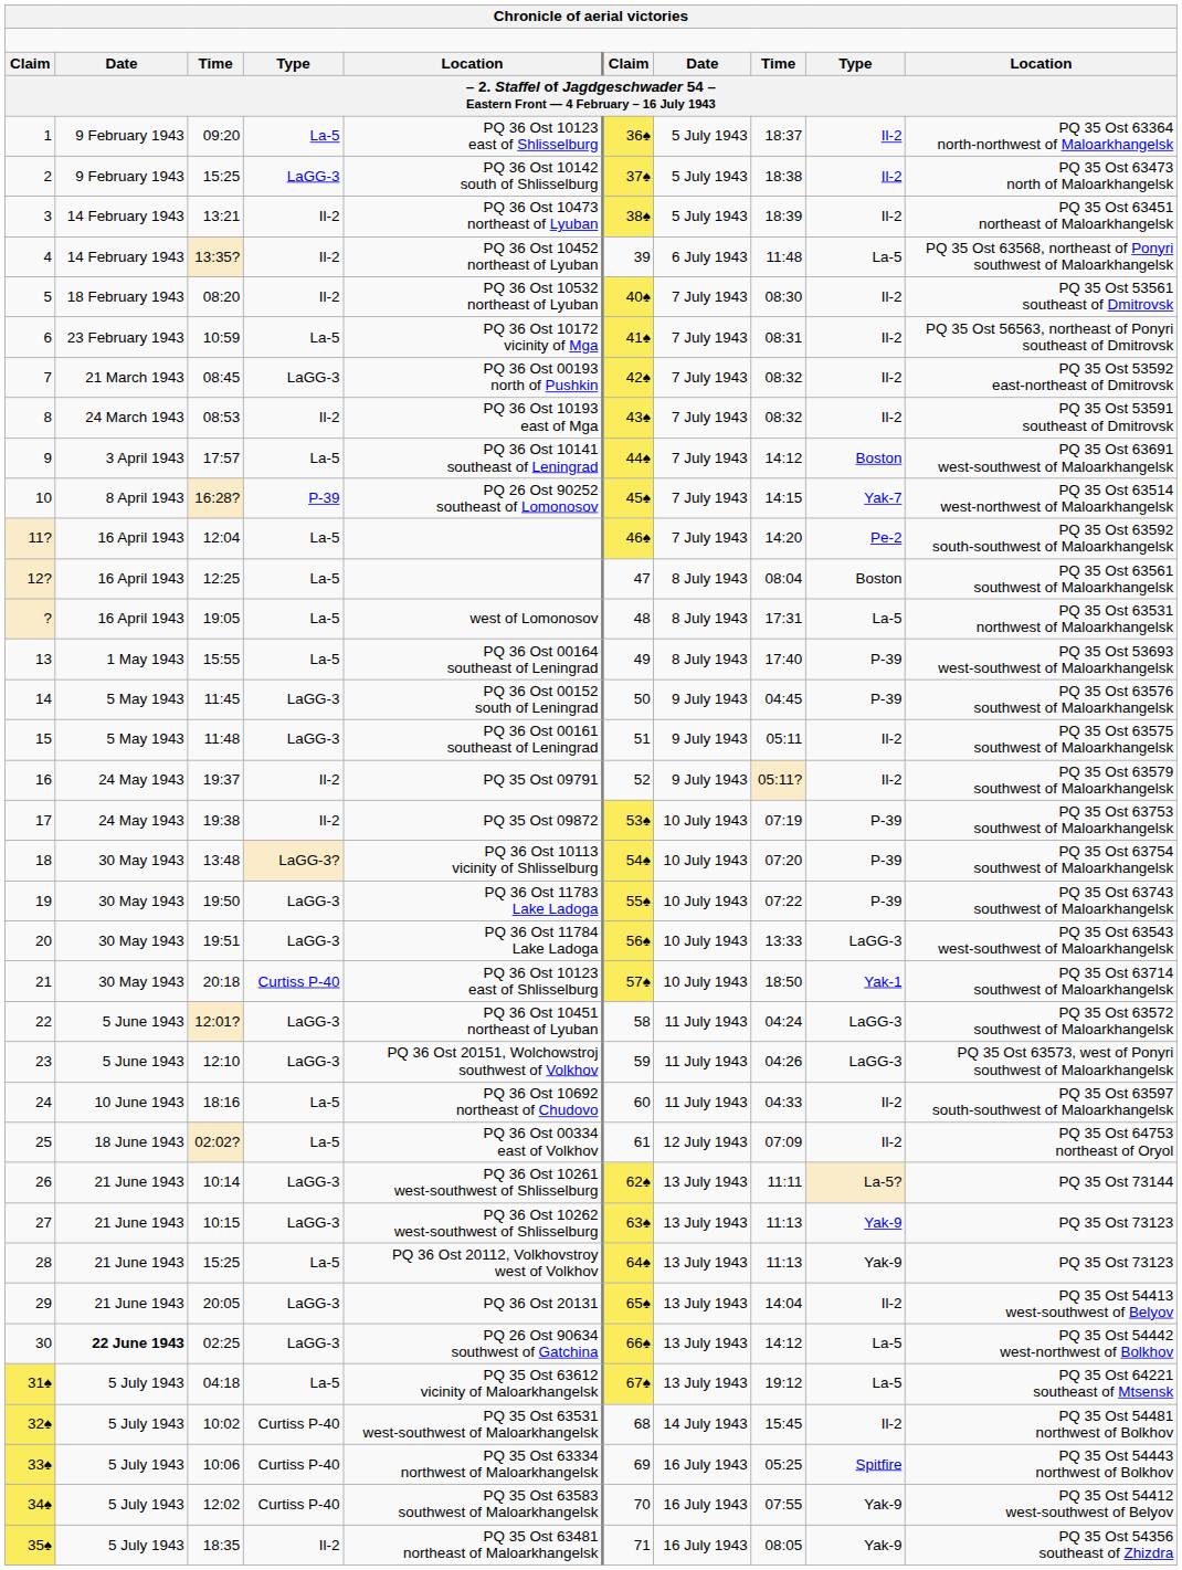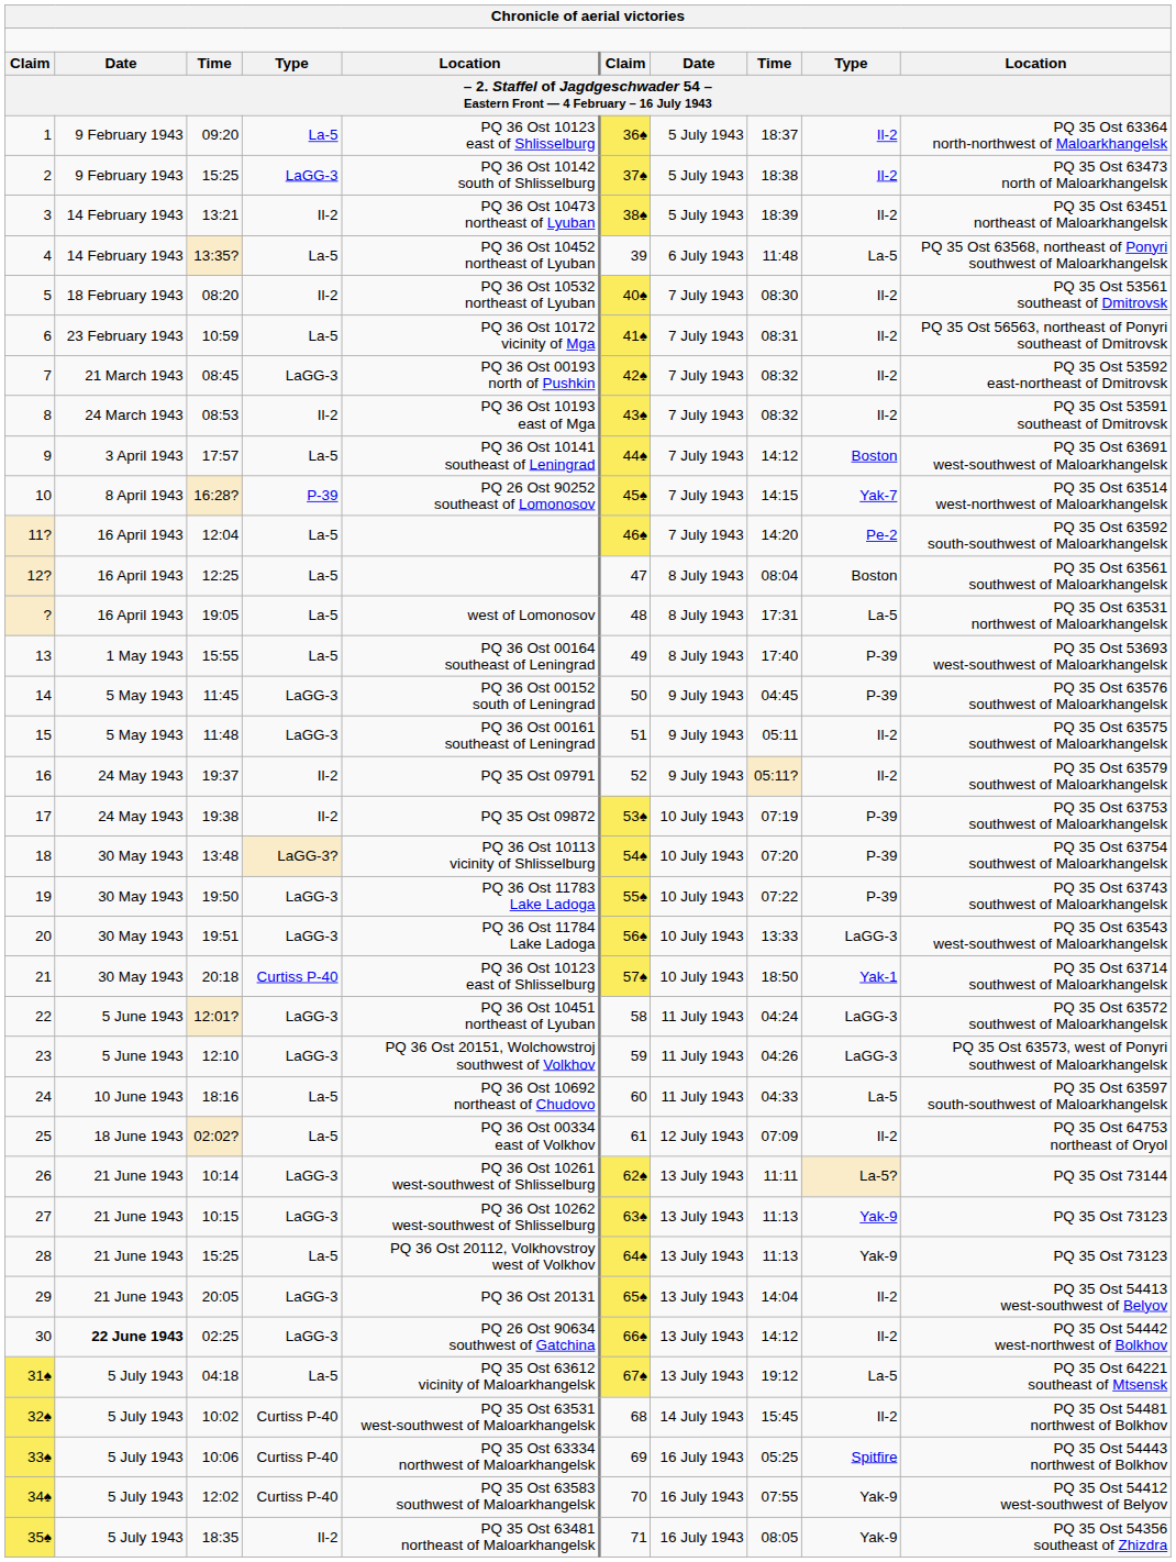 <table class="wikitable plainrowheaders collapsible" style="margin-left: auto; margin-right: auto; border: none; text-align:right; width: 100%;">
 <tr>
 <th colspan="10">Chronicle of aerial victories</th>
 </tr>
 <tr>
 <td colspan="10" style="text-align: left;"><br> </td>
 </tr>
 <tr>
 <th scope="col">Claim</th>
 <th scope="col">Date</th>
 <th scope="col">Time</th>
 <th scope="col" width="100px">Type</th>
 <th scope="col">Location</th>
 <th scope="col" style="border-left: 3px solid grey;">Claim</th>
 <th scope="col">Date</th>
 <th scope="col">Time</th>
 <th scope="col" width="100px">Type</th>
 <th scope="col">Location</th>
 </tr>
 <tr>
 <th colspan="10">– 2. <em>Staffel</em> of <em>Jagdgeschwader</em> 54 –<br><small>Eastern Front — 4 February – 16 July 1943</small></th>
 </tr>
 <tr>
 <td>1</td>
 <td>9 February 1943</td>
 <td>09:20</td>
 <td><a href='#'>La-5</a></td>
 <td>PQ 36 Ost 10123<br>east of <a href='#'>Shlisselburg</a></td>
 <td style="border-left: 3px solid grey; background:#fbec5d;">36♠</td>
 <td>5 July 1943</td>
 <td>18:37</td>
 <td><a href='#'>Il-2</a></td>
 <td>PQ 35 Ost 63364<br> north-northwest of <a href='#'>Maloarkhangelsk</a></td>
 </tr>
 <tr>
 <td>2</td>
 <td>9 February 1943</td>
 <td>15:25</td>
 <td><a href='#'>LaGG-3</a></td>
 <td>PQ 36 Ost 10142<br>south of Shlisselburg</td>
 <td style="border-left: 3px solid grey; background:#fbec5d;">37♠</td>
 <td>5 July 1943</td>
 <td>18:38</td>
 <td><a href='#'>Il-2</a></td>
 <td>PQ 35 Ost 63473<br> north of Maloarkhangelsk</td>
 </tr>
 <tr>
 <td>3</td>
 <td>14 February 1943</td>
 <td>13:21</td>
 <td>Il-2</td>
 <td>PQ 36 Ost 10473<br> northeast of <a href='#'>Lyuban</a></td>
 <td style="border-left: 3px solid grey; background:#fbec5d;">38♠</td>
 <td>5 July 1943</td>
 <td>18:39</td>
 <td>Il-2</td>
 <td>PQ 35 Ost 63451<br> northeast of Maloarkhangelsk</td>
 </tr>
 <tr>
 <td>4</td>
 <td>14 February 1943</td>
 <td style="background:#faecc8">13:35?</td>
-<td>Il-2</td>
+<td>La-5</td>
 <td>PQ 36 Ost 10452<br> northeast of Lyuban</td>
 <td style="border-left: 3px solid grey;">39</td>
 <td>6 July 1943</td>
 <td>11:48</td>
 <td>La-5</td>
 <td>PQ 35 Ost 63568, northeast of <a href='#'>Ponyri</a><br> southwest of Maloarkhangelsk</td>
 </tr>
 <tr>
 <td>5</td>
 <td>18 February 1943</td>
 <td>08:20</td>
 <td>Il-2</td>
 <td>PQ 36 Ost 10532<br> northeast of Lyuban</td>
 <td style="border-left: 3px solid grey; background:#fbec5d;">40♠</td>
 <td>7 July 1943</td>
 <td>08:30</td>
 <td>Il-2</td>
 <td>PQ 35 Ost 53561<br> southeast of <a href='#'>Dmitrovsk</a></td>
 </tr>
 <tr>
 <td>6</td>
 <td>23 February 1943</td>
 <td>10:59</td>
 <td>La-5</td>
 <td>PQ 36 Ost 10172<br>vicinity of <a href='#'>Mga</a></td>
 <td style="border-left: 3px solid grey; background:#fbec5d;">41♠</td>
 <td>7 July 1943</td>
 <td>08:31</td>
 <td>Il-2</td>
 <td>PQ 35 Ost 56563, northeast of Ponyri<br> southeast of Dmitrovsk</td>
 </tr>
 <tr>
 <td>7</td>
 <td>21 March 1943</td>
 <td>08:45</td>
 <td>LaGG-3</td>
 <td>PQ 36 Ost 00193<br> north of <a href='#'>Pushkin</a></td>
 <td style="border-left: 3px solid grey; background:#fbec5d;">42♠</td>
 <td>7 July 1943</td>
 <td>08:32</td>
 <td>Il-2</td>
 <td>PQ 35 Ost 53592<br> east-northeast of Dmitrovsk</td>
 </tr>
 <tr>
 <td>8</td>
 <td>24 March 1943</td>
 <td>08:53</td>
 <td>Il-2</td>
 <td>PQ 36 Ost 10193<br>east of Mga</td>
 <td style="border-left: 3px solid grey; background:#fbec5d;">43♠</td>
 <td>7 July 1943</td>
 <td>08:32</td>
 <td>Il-2</td>
 <td>PQ 35 Ost 53591<br> southeast of Dmitrovsk</td>
 </tr>
 <tr>
 <td>9</td>
 <td>3 April 1943</td>
 <td>17:57</td>
 <td>La-5</td>
 <td>PQ 36 Ost 10141<br> southeast of <a href='#'>Leningrad</a></td>
 <td style="border-left: 3px solid grey; background:#fbec5d;">44♠</td>
 <td>7 July 1943</td>
 <td>14:12</td>
 <td><a href='#'>Boston</a></td>
 <td>PQ 35 Ost 63691<br> west-southwest of Maloarkhangelsk</td>
 </tr>
 <tr>
 <td>10</td>
 <td>8 April 1943</td>
 <td style="background:#faecc8">16:28?</td>
 <td><a href='#'>P-39</a></td>
 <td>PQ 26 Ost 90252<br> southeast of <a href='#'>Lomonosov</a></td>
 <td style="border-left: 3px solid grey; background:#fbec5d;">45♠</td>
 <td>7 July 1943</td>
 <td>14:15</td>
 <td><a href='#'>Yak-7</a></td>
 <td>PQ 35 Ost 63514<br> west-northwest of Maloarkhangelsk</td>
 </tr>
 <tr>
 <td style="background:#faecc8">11?</td>
 <td>16 April 1943</td>
 <td>12:04</td>
 <td>La-5</td>
 <td></td>
 <td style="border-left: 3px solid grey; background:#fbec5d;">46♠</td>
 <td>7 July 1943</td>
 <td>14:20</td>
 <td><a href='#'>Pe-2</a></td>
 <td>PQ 35 Ost 63592<br> south-southwest of Maloarkhangelsk</td>
 </tr>
 <tr>
 <td style="background:#faecc8">12?</td>
 <td>16 April 1943</td>
 <td>12:25</td>
 <td>La-5</td>
 <td></td>
 <td style="border-left: 3px solid grey;">47</td>
 <td>8 July 1943</td>
 <td>08:04</td>
 <td>Boston</td>
 <td>PQ 35 Ost 63561<br> southwest of Maloarkhangelsk</td>
 </tr>
 <tr>
 <td style="background:#faecc8">?</td>
 <td>16 April 1943</td>
 <td>19:05</td>
 <td>La-5</td>
 <td> west of Lomonosov</td>
 <td style="border-left: 3px solid grey;">48</td>
 <td>8 July 1943</td>
 <td>17:31</td>
 <td>La-5</td>
 <td>PQ 35 Ost 63531<br> northwest of Maloarkhangelsk</td>
 </tr>
 <tr>
 <td>13</td>
 <td>1 May 1943</td>
 <td>15:55</td>
 <td>La-5</td>
 <td>PQ 36 Ost 00164<br> southeast of Leningrad</td>
 <td style="border-left: 3px solid grey;">49</td>
 <td>8 July 1943</td>
 <td>17:40</td>
 <td>P-39</td>
 <td>PQ 35 Ost 53693<br> west-southwest of Maloarkhangelsk</td>
 </tr>
 <tr>
 <td>14</td>
 <td>5 May 1943</td>
 <td>11:45</td>
 <td>LaGG-3</td>
 <td>PQ 36 Ost 00152<br> south of Leningrad</td>
 <td style="border-left: 3px solid grey;">50</td>
 <td>9 July 1943</td>
 <td>04:45</td>
 <td>P-39</td>
 <td>PQ 35 Ost 63576<br> southwest of Maloarkhangelsk</td>
 </tr>
 <tr>
 <td>15</td>
 <td>5 May 1943</td>
 <td>11:48</td>
 <td>LaGG-3</td>
 <td>PQ 36 Ost 00161<br> southeast of Leningrad</td>
 <td style="border-left: 3px solid grey;">51</td>
 <td>9 July 1943</td>
 <td>05:11</td>
 <td>Il-2</td>
 <td>PQ 35 Ost 63575<br> southwest of Maloarkhangelsk</td>
 </tr>
 <tr>
 <td>16</td>
 <td>24 May 1943</td>
 <td>19:37</td>
 <td>Il-2</td>
 <td>PQ 35 Ost 09791</td>
 <td style="border-left: 3px solid grey;">52</td>
 <td>9 July 1943</td>
 <td style="background:#faecc8">05:11?</td>
 <td>Il-2</td>
 <td>PQ 35 Ost 63579<br> southwest of Maloarkhangelsk</td>
 </tr>
 <tr>
 <td>17</td>
 <td>24 May 1943</td>
 <td>19:38</td>
 <td>Il-2</td>
 <td>PQ 35 Ost 09872</td>
 <td style="border-left: 3px solid grey; background:#fbec5d;">53♠</td>
 <td>10 July 1943</td>
 <td>07:19</td>
 <td>P-39</td>
 <td>PQ 35 Ost 63753<br> southwest of Maloarkhangelsk</td>
 </tr>
 <tr>
 <td>18</td>
 <td>30 May 1943</td>
 <td>13:48</td>
 <td style="background:#faecc8">LaGG-3?</td>
 <td>PQ 36 Ost 10113<br>vicinity of Shlisselburg</td>
 <td style="border-left: 3px solid grey; background:#fbec5d;">54♠</td>
 <td>10 July 1943</td>
 <td>07:20</td>
 <td>P-39</td>
 <td>PQ 35 Ost 63754<br> southwest of Maloarkhangelsk</td>
 </tr>
 <tr>
 <td>19</td>
 <td>30 May 1943</td>
 <td>19:50</td>
 <td>LaGG-3</td>
 <td>PQ 36 Ost 11783<br><a href='#'>Lake Ladoga</a></td>
 <td style="border-left: 3px solid grey; background:#fbec5d;">55♠</td>
 <td>10 July 1943</td>
 <td>07:22</td>
 <td>P-39</td>
 <td>PQ 35 Ost 63743<br> southwest of Maloarkhangelsk</td>
 </tr>
 <tr>
 <td>20</td>
 <td>30 May 1943</td>
 <td>19:51</td>
 <td>LaGG-3</td>
 <td>PQ 36 Ost 11784<br>Lake Ladoga</td>
 <td style="border-left: 3px solid grey; background:#fbec5d;">56♠</td>
 <td>10 July 1943</td>
 <td>13:33</td>
 <td>LaGG-3</td>
 <td>PQ 35 Ost 63543<br> west-southwest of Maloarkhangelsk</td>
 </tr>
 <tr>
 <td>21</td>
 <td>30 May 1943</td>
 <td>20:18</td>
 <td><a href='#'>Curtiss P-40</a></td>
 <td>PQ 36 Ost 10123<br>east of Shlisselburg</td>
 <td style="border-left: 3px solid grey; background:#fbec5d;">57♠</td>
 <td>10 July 1943</td>
 <td>18:50</td>
 <td><a href='#'>Yak-1</a></td>
 <td>PQ 35 Ost 63714<br> southwest of Maloarkhangelsk</td>
 </tr>
 <tr>
 <td>22</td>
 <td>5 June 1943</td>
 <td style="background:#faecc8">12:01?</td>
 <td>LaGG-3</td>
 <td>PQ 36 Ost 10451<br> northeast of Lyuban</td>
 <td style="border-left: 3px solid grey;">58</td>
 <td>11 July 1943</td>
 <td>04:24</td>
 <td>LaGG-3</td>
 <td>PQ 35 Ost 63572<br> southwest of Maloarkhangelsk</td>
 </tr>
 <tr>
 <td>23</td>
 <td>5 June 1943</td>
 <td>12:10</td>
 <td>LaGG-3</td>
 <td>PQ 36 Ost 20151, Wolchowstroj<br>southwest of <a href='#'>Volkhov</a></td>
 <td style="border-left: 3px solid grey;">59</td>
 <td>11 July 1943</td>
 <td>04:26</td>
 <td>LaGG-3</td>
 <td>PQ 35 Ost 63573, west of Ponyri<br> southwest of Maloarkhangelsk</td>
 </tr>
 <tr>
 <td>24</td>
 <td>10 June 1943</td>
 <td>18:16</td>
 <td>La-5</td>
 <td>PQ 36 Ost 10692<br> northeast of <a href='#'>Chudovo</a></td>
 <td style="border-left: 3px solid grey;">60</td>
 <td>11 July 1943</td>
 <td>04:33</td>
-<td>Il-2</td>
+<td>La-5</td>
 <td>PQ 35 Ost 63597<br> south-southwest of Maloarkhangelsk</td>
 </tr>
 <tr>
 <td>25</td>
 <td>18 June 1943</td>
 <td style="background:#faecc8">02:02?</td>
 <td>La-5</td>
 <td>PQ 36 Ost 00334<br>east of Volkhov</td>
 <td style="border-left: 3px solid grey;">61</td>
 <td>12 July 1943</td>
 <td>07:09</td>
 <td>Il-2</td>
 <td>PQ 35 Ost 64753<br> northeast of Oryol</td>
 </tr>
 <tr>
 <td>26</td>
 <td>21 June 1943</td>
 <td>10:14</td>
 <td>LaGG-3</td>
 <td>PQ 36 Ost 10261<br> west-southwest of Shlisselburg</td>
 <td style="border-left: 3px solid grey; background:#fbec5d;">62♠</td>
 <td>13 July 1943</td>
 <td>11:11</td>
 <td style="background:#faecc8">La-5?</td>
 <td>PQ 35 Ost 73144</td>
 </tr>
 <tr>
 <td>27</td>
 <td>21 June 1943</td>
 <td>10:15</td>
 <td>LaGG-3</td>
 <td>PQ 36 Ost 10262<br> west-southwest of Shlisselburg</td>
 <td style="border-left: 3px solid grey; background:#fbec5d;">63♠</td>
 <td>13 July 1943</td>
 <td>11:13</td>
 <td><a href='#'>Yak-9</a></td>
 <td>PQ 35 Ost 73123</td>
 </tr>
 <tr>
 <td>28</td>
 <td>21 June 1943</td>
 <td>15:25</td>
 <td>La-5</td>
 <td>PQ 36 Ost 20112, Volkhovstroy<br>west of Volkhov</td>
 <td style="border-left: 3px solid grey; background:#fbec5d;">64♠</td>
 <td>13 July 1943</td>
 <td>11:13</td>
 <td>Yak-9</td>
 <td>PQ 35 Ost 73123</td>
 </tr>
 <tr>
 <td>29</td>
 <td>21 June 1943</td>
 <td>20:05</td>
 <td>LaGG-3</td>
 <td>PQ 36 Ost 20131</td>
 <td style="border-left: 3px solid grey; background:#fbec5d;">65♠</td>
 <td>13 July 1943</td>
 <td>14:04</td>
 <td>Il-2</td>
 <td>PQ 35 Ost 54413<br> west-southwest of <a href='#'>Belyov</a></td>
 </tr>
 <tr>
 <td>30</td>
 <td><strong>22 June 1943</strong></td>
 <td>02:25</td>
 <td>LaGG-3</td>
 <td>PQ 26 Ost 90634<br> southwest of <a href='#'>Gatchina</a></td>
 <td style="border-left: 3px solid grey; background:#fbec5d;">66♠</td>
 <td>13 July 1943</td>
 <td>14:12</td>
-<td>La-5</td>
+<td>Il-2</td>
 <td>PQ 35 Ost 54442<br> west-northwest of <a href='#'>Bolkhov</a></td>
 </tr>
 <tr>
 <td style="background:#fbec5d;">31♠</td>
 <td>5 July 1943</td>
 <td>04:18</td>
 <td>La-5</td>
 <td>PQ 35 Ost 63612<br>vicinity of Maloarkhangelsk</td>
 <td style="border-left: 3px solid grey; background:#fbec5d;">67♠</td>
 <td>13 July 1943</td>
 <td>19:12</td>
 <td>La-5</td>
 <td>PQ 35 Ost 64221<br> southeast of <a href='#'>Mtsensk</a></td>
 </tr>
 <tr>
 <td style="background:#fbec5d;">32♠</td>
 <td>5 July 1943</td>
 <td>10:02</td>
 <td>Curtiss P-40</td>
 <td>PQ 35 Ost 63531<br> west-southwest of Maloarkhangelsk</td>
 <td style="border-left: 3px solid grey;">68</td>
 <td>14 July 1943</td>
 <td>15:45</td>
 <td>Il-2</td>
 <td>PQ 35 Ost 54481<br> northwest of Bolkhov</td>
 </tr>
 <tr>
 <td style="background:#fbec5d;">33♠</td>
 <td>5 July 1943</td>
 <td>10:06</td>
 <td>Curtiss P-40</td>
 <td>PQ 35 Ost 63334<br> northwest of Maloarkhangelsk</td>
 <td style="border-left: 3px solid grey;">69</td>
 <td>16 July 1943</td>
 <td>05:25</td>
 <td><a href='#'>Spitfire</a></td>
 <td>PQ 35 Ost 54443<br> northwest of Bolkhov</td>
 </tr>
 <tr>
 <td style="background:#fbec5d;">34♠</td>
 <td>5 July 1943</td>
 <td>12:02</td>
 <td>Curtiss P-40</td>
 <td>PQ 35 Ost 63583<br> southwest of Maloarkhangelsk</td>
 <td style="border-left: 3px solid grey;">70</td>
 <td>16 July 1943</td>
 <td>07:55</td>
 <td>Yak-9</td>
 <td>PQ 35 Ost 54412<br> west-southwest of Belyov</td>
 </tr>
 <tr>
 <td style="background:#fbec5d;">35♠</td>
 <td>5 July 1943</td>
 <td>18:35</td>
 <td>Il-2</td>
 <td>PQ 35 Ost 63481<br> northeast of Maloarkhangelsk</td>
 <td style="border-left: 3px solid grey;">71</td>
 <td>16 July 1943</td>
 <td>08:05</td>
 <td>Yak-9</td>
 <td>PQ 35 Ost 54356<br> southeast of <a href='#'>Zhizdra</a></td>
 </tr>
 </table>
